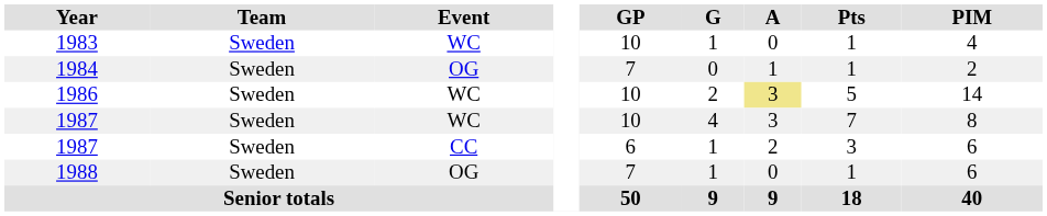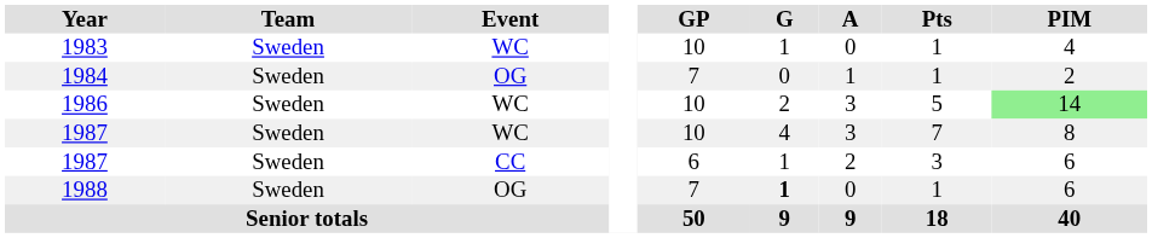 <table border="0" cellpadding="1" cellspacing="0" style="text-align:center; width:50em">
 <tr ALIGN="center" bgcolor="#e0e0e0">
 <th>Year</th>
 <th>Team</th>
 <th>Event</th>
 <th rowspan="99" bgcolor="#ffffff"> </th>
 <th>GP</th>
 <th>G</th>
 <th>A</th>
 <th>Pts</th>
 <th>PIM</th>
 </tr>
 <tr>
 <td><a href='#'>1983</a></td>
 <td><a href='#'>Sweden</a></td>
 <td><a href='#'>WC</a></td>
 <td>10</td>
 <td>1</td>
 <td>0</td>
 <td>1</td>
 <td>4</td>
 </tr>
 <tr bgcolor="#f0f0f0">
 <td><a href='#'>1984</a></td>
 <td>Sweden</td>
 <td><a href='#'>OG</a></td>
 <td>7</td>
 <td>0</td>
 <td>1</td>
 <td>1</td>
 <td>2</td>
 </tr>
 <tr>
 <td><a href='#'>1986</a></td>
 <td>Sweden</td>
 <td>WC</td>
 <td>10</td>
 <td>2</td>
-<td style="background: khaki;">3</td>
+<td>3</td>
 <td>5</td>
-<td>14</td>
+<td style="background: lightgreen;">14</td>
 </tr>
 <tr bgcolor="#f0f0f0">
 <td><a href='#'>1987</a></td>
 <td>Sweden</td>
 <td>WC</td>
 <td>10</td>
 <td>4</td>
 <td>3</td>
 <td>7</td>
 <td>8</td>
 </tr>
 <tr>
 <td><a href='#'>1987</a></td>
 <td>Sweden</td>
 <td><a href='#'>CC</a></td>
 <td>6</td>
 <td>1</td>
 <td>2</td>
 <td>3</td>
 <td>6</td>
 </tr>
 <tr bgcolor="#f0f0f0">
 <td><a href='#'>1988</a></td>
 <td>Sweden</td>
 <td>OG</td>
 <td>7</td>
-<td>1</td>
+<td><strong>1</strong></td>
 <td>0</td>
 <td>1</td>
 <td>6</td>
 </tr>
 <tr bgcolor="#e0e0e0">
 <th colspan=3>Senior totals</th>
 <th>50</th>
 <th>9</th>
 <th>9</th>
 <th>18</th>
 <th>40</th>
 </tr>
 </table>
